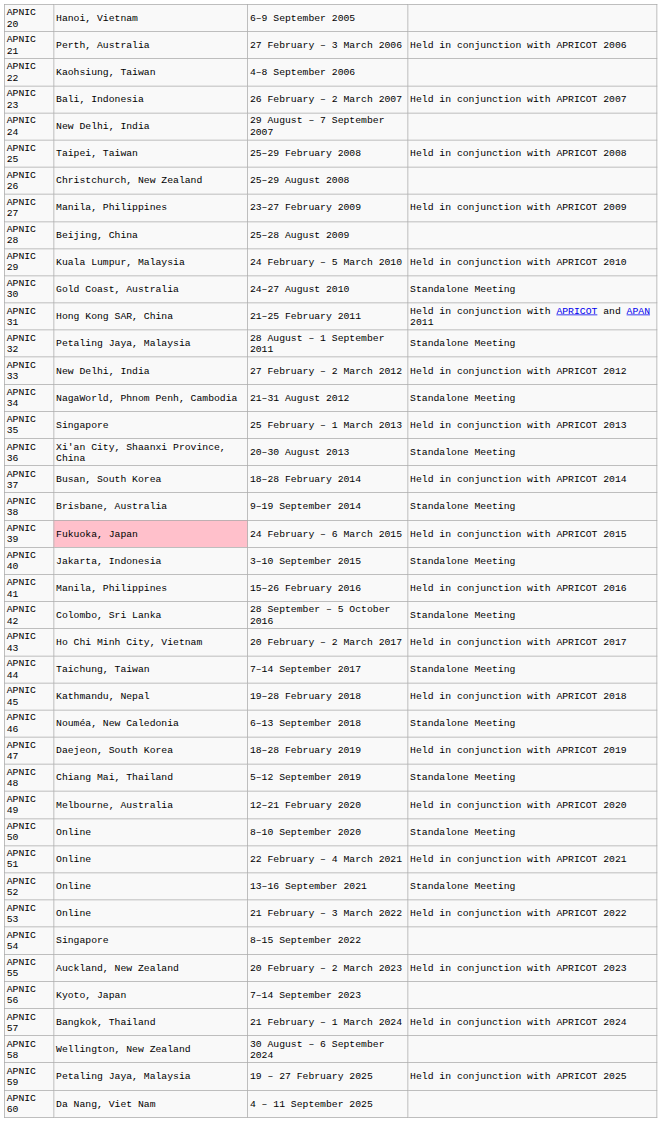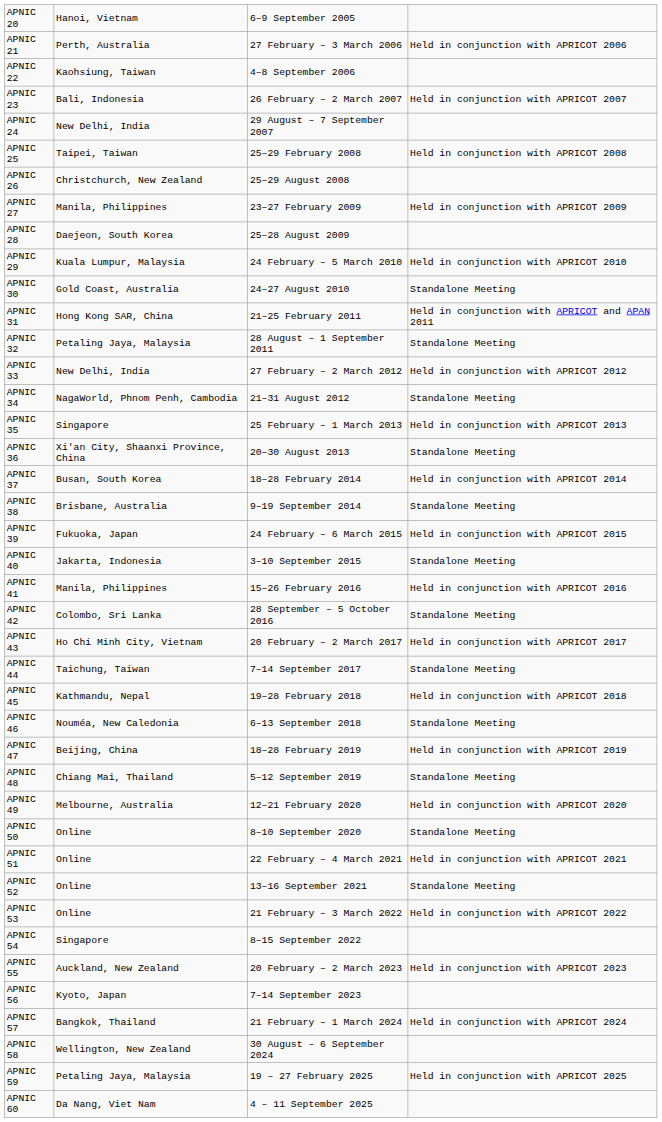 <table class="wikitable">
 <tr>
 <td>APNIC 20</td>
 <td>Hanoi, Vietnam</td>
 <td>6–9 September 2005</td>
 <td></td>
 </tr>
 <tr>
 <td>APNIC 21</td>
 <td>Perth, Australia</td>
 <td>27 February – 3 March 2006</td>
 <td>Held in conjunction with APRICOT 2006</td>
 </tr>
 <tr>
 <td>APNIC 22</td>
 <td>Kaohsiung, Taiwan</td>
 <td>4–8 September 2006</td>
 <td></td>
 </tr>
 <tr>
 <td>APNIC 23</td>
 <td>Bali, Indonesia</td>
 <td>26 February – 2 March 2007</td>
 <td>Held in conjunction with APRICOT 2007</td>
 </tr>
 <tr>
 <td>APNIC 24</td>
 <td>New Delhi, India</td>
 <td>29 August – 7 September 2007</td>
 <td></td>
 </tr>
 <tr>
 <td>APNIC 25</td>
 <td>Taipei, Taiwan</td>
 <td>25–29 February 2008</td>
 <td>Held in conjunction with APRICOT 2008</td>
 </tr>
 <tr>
 <td>APNIC 26</td>
 <td>Christchurch, New Zealand</td>
 <td>25–29 August 2008</td>
 <td></td>
 </tr>
 <tr>
 <td>APNIC 27</td>
 <td>Manila, Philippines</td>
 <td>23–27 February 2009</td>
 <td>Held in conjunction with APRICOT 2009</td>
 </tr>
 <tr>
 <td>APNIC 28</td>
-<td>Beijing, China</td>
+<td>Daejeon, South Korea</td>
 <td>25–28 August 2009</td>
 <td></td>
 </tr>
 <tr>
 <td>APNIC 29</td>
 <td>Kuala Lumpur, Malaysia</td>
 <td>24 February – 5 March 2010</td>
 <td>Held in conjunction with APRICOT 2010</td>
 </tr>
 <tr>
 <td>APNIC 30</td>
 <td>Gold Coast, Australia</td>
 <td>24–27 August 2010</td>
 <td>Standalone Meeting</td>
 </tr>
 <tr>
 <td>APNIC 31</td>
 <td>Hong Kong SAR, China</td>
 <td>21–25 February 2011</td>
 <td>Held in conjunction with <a href='#'>APRICOT</a> and <a href='#'>APAN</a> 2011</td>
 </tr>
 <tr>
 <td>APNIC 32</td>
 <td>Petaling Jaya, Malaysia</td>
 <td>28 August – 1 September 2011</td>
 <td>Standalone Meeting</td>
 </tr>
 <tr>
 <td>APNIC 33</td>
 <td>New Delhi, India</td>
 <td>27 February – 2 March 2012</td>
 <td>Held in conjunction with APRICOT 2012</td>
 </tr>
 <tr>
 <td>APNIC 34</td>
 <td>NagaWorld, Phnom Penh, Cambodia</td>
 <td>21–31 August 2012</td>
 <td>Standalone Meeting</td>
 </tr>
 <tr>
 <td>APNIC 35</td>
 <td>Singapore</td>
 <td>25 February – 1 March 2013</td>
 <td>Held in conjunction with APRICOT 2013</td>
 </tr>
 <tr>
 <td>APNIC 36</td>
 <td>Xi'an City, Shaanxi Province, China</td>
 <td>20–30 August 2013</td>
 <td>Standalone Meeting</td>
 </tr>
 <tr>
 <td>APNIC 37</td>
 <td>Busan, South Korea</td>
 <td>18–28 February 2014</td>
 <td>Held in conjunction with APRICOT 2014</td>
 </tr>
 <tr>
 <td>APNIC 38</td>
 <td>Brisbane, Australia</td>
 <td>9–19 September 2014</td>
 <td>Standalone Meeting</td>
 </tr>
 <tr>
 <td>APNIC 39</td>
-<td style="background: pink;">Fukuoka, Japan</td>
+<td>Fukuoka, Japan</td>
 <td>24 February – 6 March 2015</td>
 <td>Held in conjunction with APRICOT 2015</td>
 </tr>
 <tr>
 <td>APNIC 40</td>
 <td>Jakarta, Indonesia</td>
 <td>3–10 September 2015</td>
 <td>Standalone Meeting</td>
 </tr>
 <tr>
 <td>APNIC 41</td>
 <td>Manila, Philippines</td>
 <td>15–26 February 2016</td>
 <td>Held in conjunction with APRICOT 2016</td>
 </tr>
 <tr>
 <td>APNIC 42</td>
 <td>Colombo, Sri Lanka</td>
 <td>28 September – 5 October 2016</td>
 <td>Standalone Meeting</td>
 </tr>
 <tr>
 <td>APNIC 43</td>
 <td>Ho Chi Minh City, Vietnam</td>
 <td>20 February – 2 March 2017</td>
 <td>Held in conjunction with APRICOT 2017</td>
 </tr>
 <tr>
 <td>APNIC 44</td>
 <td>Taichung, Taiwan</td>
 <td>7–14 September 2017</td>
 <td>Standalone Meeting</td>
 </tr>
 <tr>
 <td>APNIC 45</td>
 <td>Kathmandu, Nepal</td>
 <td>19–28 February 2018</td>
 <td>Held in conjunction with APRICOT 2018</td>
 </tr>
 <tr>
 <td>APNIC 46</td>
 <td>Nouméa, New Caledonia</td>
 <td>6–13 September 2018</td>
 <td>Standalone Meeting</td>
 </tr>
 <tr>
 <td>APNIC 47</td>
-<td>Daejeon, South Korea</td>
+<td>Beijing, China</td>
 <td>18–28 February 2019</td>
 <td>Held in conjunction with APRICOT 2019</td>
 </tr>
 <tr>
 <td>APNIC 48</td>
 <td>Chiang Mai, Thailand</td>
 <td>5–12 September 2019</td>
 <td>Standalone Meeting</td>
 </tr>
 <tr>
 <td>APNIC 49</td>
 <td>Melbourne, Australia</td>
 <td>12–21 February 2020</td>
 <td>Held in conjunction with APRICOT 2020</td>
 </tr>
 <tr>
 <td>APNIC 50</td>
 <td>Online</td>
 <td>8–10 September 2020</td>
 <td>Standalone Meeting</td>
 </tr>
 <tr>
 <td>APNIC 51</td>
 <td>Online</td>
 <td>22 February – 4 March 2021</td>
 <td>Held in conjunction with APRICOT 2021</td>
 </tr>
 <tr>
 <td>APNIC 52</td>
 <td>Online</td>
 <td>13–16 September 2021</td>
 <td>Standalone Meeting</td>
 </tr>
 <tr>
 <td>APNIC 53</td>
 <td>Online</td>
 <td>21 February – 3 March 2022</td>
 <td>Held in conjunction with APRICOT 2022</td>
 </tr>
 <tr>
 <td>APNIC 54</td>
 <td>Singapore</td>
 <td>8–15 September 2022</td>
 <td></td>
 </tr>
 <tr>
 <td>APNIC 55</td>
 <td>Auckland, New Zealand</td>
 <td>20 February – 2 March 2023</td>
 <td>Held in conjunction with APRICOT 2023</td>
 </tr>
 <tr>
 <td>APNIC 56</td>
 <td>Kyoto, Japan</td>
 <td>7–14 September 2023</td>
 <td></td>
 </tr>
 <tr>
 <td>APNIC 57</td>
 <td>Bangkok, Thailand</td>
 <td>21 February – 1 March 2024</td>
 <td>Held in conjunction with APRICOT 2024</td>
 </tr>
 <tr>
 <td>APNIC 58</td>
 <td>Wellington, New Zealand</td>
 <td>30 August – 6 September 2024</td>
 <td></td>
 </tr>
 <tr>
 <td>APNIC 59</td>
 <td>Petaling Jaya, Malaysia</td>
 <td>19 – 27 February 2025</td>
 <td>Held in conjunction with APRICOT 2025</td>
 </tr>
 <tr>
 <td>APNIC 60</td>
 <td>Da Nang, Viet Nam</td>
 <td>4 – 11 September 2025</td>
 <td></td>
 </tr>
 </table>
